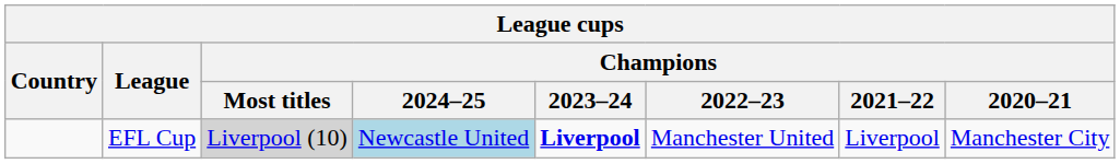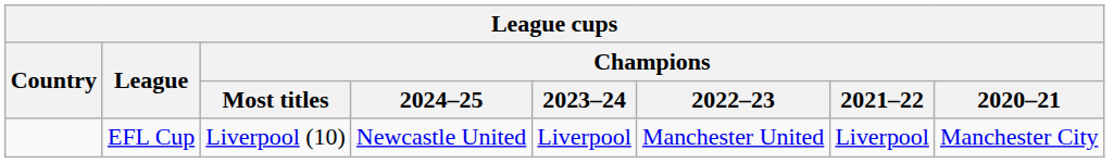 <table class="wikitable" style="text-align:center">
 <tr>
 <th colspan="10">League cups</th>
 </tr>
 <tr>
 <th rowspan="2">Country</th>
 <th rowspan="2">League</th>
 <th colspan="6">Champions</th>
 </tr>
 <tr>
 <th>Most titles</th>
 <th>2024–25</th>
 <th>2023–24</th>
 <th>2022–23</th>
 <th>2021–22</th>
 <th>2020–21</th>
 </tr>
 <tr>
 <td style="text-align:left"></td>
 <td style="text-align:left"><a href='#'>EFL Cup</a></td>
-<td style="background: lightgrey;"><a href='#'>Liverpool</a> (10)</td>
-<td style="background: lightblue;"><a href='#'>Newcastle United</a></td>
-<td><strong><a href='#'>Liverpool</a></strong></td>
+<td><a href='#'>Liverpool</a> (10)</td>
+<td><a href='#'>Newcastle United</a></td>
+<td><a href='#'>Liverpool</a></td>
 <td><a href='#'>Manchester United</a></td>
 <td><a href='#'>Liverpool</a></td>
 <td><a href='#'>Manchester City</a></td>
 </tr>
 </table>
